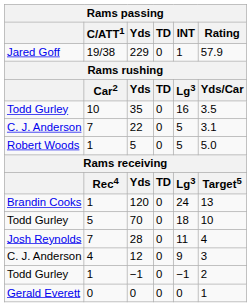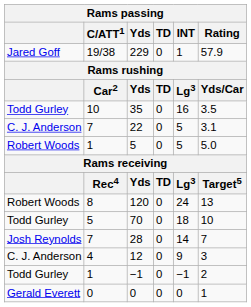 <table class="wikitable">
 <tr>
 <th colspan="6">Rams passing</th>
 </tr>
 <tr>
 <th></th>
 <th>C/ATT<sup>1</sup></th>
 <th>Yds</th>
 <th>TD</th>
 <th>INT</th>
 <th>Rating</th>
 </tr>
 <tr>
 <td><a href='#'>Jared Goff</a></td>
 <td>19/38</td>
 <td>229</td>
 <td>0</td>
 <td>1</td>
 <td>57.9</td>
 </tr>
 <tr>
 <th colspan="6">Rams rushing</th>
 </tr>
 <tr>
 <th></th>
 <th>Car<sup>2</sup></th>
 <th>Yds</th>
 <th>TD</th>
 <th>Lg<sup>3</sup></th>
 <th>Yds/Car</th>
 </tr>
 <tr>
 <td><a href='#'>Todd Gurley</a></td>
 <td>10</td>
 <td>35</td>
 <td>0</td>
 <td>16</td>
 <td>3.5</td>
 </tr>
 <tr>
 <td><a href='#'>C. J. Anderson</a></td>
 <td>7</td>
 <td>22</td>
 <td>0</td>
 <td>5</td>
 <td>3.1</td>
 </tr>
 <tr>
 <td><a href='#'>Robert Woods</a></td>
 <td>1</td>
 <td>5</td>
 <td>0</td>
 <td>5</td>
 <td>5.0</td>
 </tr>
 <tr>
 <th colspan="6">Rams receiving</th>
 </tr>
 <tr>
 <th></th>
 <th>Rec<sup>4</sup></th>
 <th>Yds</th>
 <th>TD</th>
 <th>Lg<sup>3</sup></th>
 <th>Target<sup>5</sup></th>
 </tr>
 <tr>
-<td><a href='#'>Brandin Cooks</a></td>
-<td>1</td>
+<td>Robert Woods</td>
+<td>8</td>
 <td>120</td>
 <td>0</td>
 <td>24</td>
 <td>13</td>
 </tr>
 <tr>
 <td>Todd Gurley</td>
 <td>5</td>
 <td>70</td>
 <td>0</td>
 <td>18</td>
 <td>10</td>
 </tr>
 <tr>
 <td><a href='#'>Josh Reynolds</a></td>
 <td>7</td>
 <td>28</td>
 <td>0</td>
-<td>11</td>
-<td>4</td>
+<td>14</td>
+<td>7</td>
 </tr>
 <tr>
 <td>C. J. Anderson</td>
 <td>4</td>
 <td>12</td>
 <td>0</td>
 <td>9</td>
 <td>3</td>
 </tr>
 <tr>
 <td>Todd Gurley</td>
 <td>1</td>
 <td>−1</td>
 <td>0</td>
 <td>−1</td>
 <td>2</td>
 </tr>
 <tr>
 <td><a href='#'>Gerald Everett</a></td>
 <td>0</td>
 <td>0</td>
 <td>0</td>
 <td>0</td>
 <td>1</td>
 </tr>
 </table>
